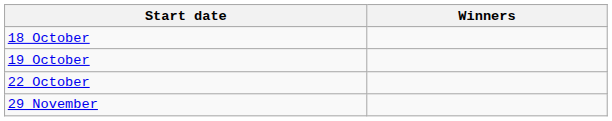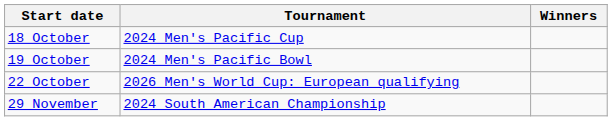 <table class="wikitable unsortable" style="white-space:nowrap" width=65%>
 <tr>
 <th style="text-align:center;">Start date</th>
+<th style="text-align:center;">Tournament</th>
 <th style="text-align:center;">Winners</th>
 </tr>
 <tr>
 <td><a href='#'>18 October</a></td>
+<td><a href='#'>2024 Men's Pacific Cup</a></td>
 <td></td>
 </tr>
 <tr>
 <td><a href='#'>19 October</a></td>
+<td><a href='#'>2024 Men's Pacific Bowl</a></td>
 <td></td>
 </tr>
 <tr>
 <td><a href='#'>22 October</a></td>
+<td><a href='#'>2026 Men's World Cup: European qualifying</a></td>
 <td></td>
 </tr>
 <tr>
 <td><a href='#'>29 November</a></td>
+<td><a href='#'>2024 South American Championship</a></td>
 <td></td>
 </tr>
 </table>
